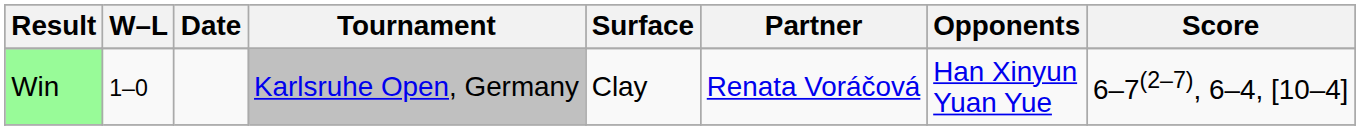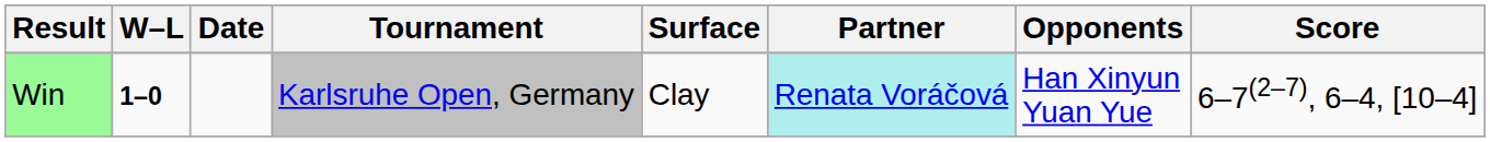 <table class="sortable wikitable">
 <tr>
 <th>Result</th>
 <th class="unsortable">W–L</th>
 <th>Date</th>
 <th>Tournament</th>
 <th>Surface</th>
 <th>Partner</th>
 <th>Opponents</th>
 <th class="unsortable">Score</th>
 </tr>
 <tr>
 </tr>
 <tr>
 <td bgcolor=98FB98>Win</td>
-<td><small>1–0</small></td>
+<td><strong><small>1–0</small></strong></td>
 <td><a href='#'></a></td>
 <td style="background:silver;"><a href='#'>Karlsruhe Open</a>, Germany</td>
 <td>Clay</td>
-<td> <a href='#'>Renata Voráčová</a></td>
+<td style="background: paleturquoise;"> <a href='#'>Renata Voráčová</a></td>
 <td> <a href='#'>Han Xinyun</a> <br>  <a href='#'>Yuan Yue</a></td>
 <td>6–7<sup>(2–7)</sup>, 6–4, [10–4]</td>
 </tr>
 </table>
